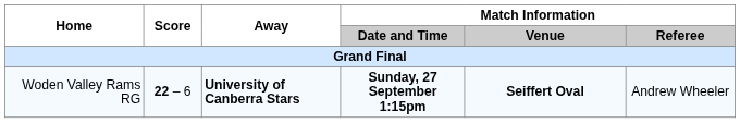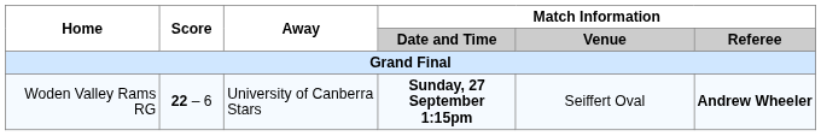 <table width="100%" cellspacing="0" cellpadding="3" border="1" style="border-collapse:collapse;  text-align:center;">
 <tr>
 <th rowspan="2" width="19%">Home</th>
 <th rowspan="2" width="8%">Score</th>
 <th rowspan="2" width="19%">Away</th>
 <th colspan="3">Match Information</th>
 </tr>
 <tr bgcolor="#CCCCCC">
 <th width="17%">Date and Time</th>
 <th width="22%">Venue</th>
 <th width="50%">Referee</th>
 </tr>
 <tr style="background:#d0e7ff;">
 <td colspan="6"><strong>Grand Final</strong></td>
 </tr>
 <tr style="text-align:center; background:#f5faff;">
 <td align="right">Woden Valley Rams RG </td>
 <td><strong>22</strong> – 6</td>
-<td align="left"><strong> University of Canberra Stars</strong></td>
+<td align="left"> University of Canberra Stars</td>
 <td><strong>Sunday, 27 September 1:15pm</strong></td>
-<td><strong>Seiffert Oval</strong></td>
-<td>Andrew Wheeler</td>
+<td>Seiffert Oval</td>
+<td><strong>Andrew Wheeler</strong></td>
 </tr>
 </table>
